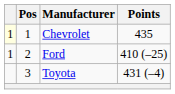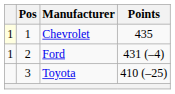 <table class="wikitable" style="font-size: 95%">
 <tr>
 <th></th>
 <th>Pos</th>
 <th>Manufacturer</th>
 <th>Points</th>
 </tr>
 <tr>
 <td align="left" style="background: lightyellow;"> 1</td>
 <td style="text-align:center;">1</td>
 <td><a href='#'>Chevrolet</a></td>
 <td style="text-align:center;">435</td>
 </tr>
 <tr>
 <td align="left"> 1</td>
 <td style="text-align:center;">2</td>
 <td><a href='#'>Ford</a></td>
-<td style="text-align:center;">410 (–25)</td>
+<td style="text-align:center;">431 (–4)</td>
 </tr>
 <tr>
 <td align="left"></td>
 <td style="text-align:center;">3</td>
 <td><a href='#'>Toyota</a></td>
-<td style="text-align:center;">431 (–4)</td>
+<td style="text-align:center;">410 (–25)</td>
 </tr>
 <tr class="sortbottom">
 <th colspan="9"></th>
 </tr>
 </table>
